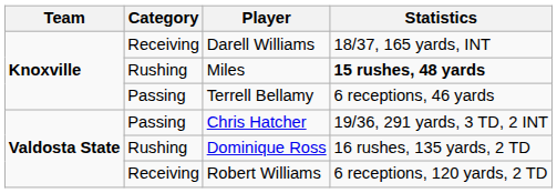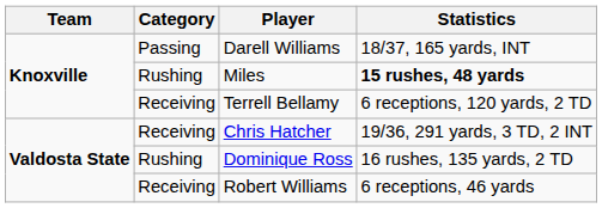 <table class="wikitable" style="float: left;">
 <tr>
 <th>Team</th>
 <th>Category</th>
 <th>Player</th>
 <th>Statistics</th>
 </tr>
 <tr>
 <td rowspan=3><strong>Knoxville</strong></td>
-<td>Receiving</td>
+<td>Passing</td>
 <td>Darell Williams</td>
 <td>18/37, 165 yards, INT</td>
 </tr>
 <tr>
 <td>Rushing</td>
 <td>Miles</td>
 <td><strong>15 rushes, 48 yards</strong></td>
 </tr>
 <tr>
-<td>Passing</td>
+<td>Receiving</td>
 <td>Terrell Bellamy</td>
-<td>6 receptions, 46 yards</td>
+<td>6 receptions, 120 yards, 2 TD</td>
 </tr>
 <tr>
 <td rowspan=3><strong>Valdosta State</strong></td>
-<td>Passing</td>
+<td>Receiving</td>
 <td><a href='#'>Chris Hatcher</a></td>
 <td>19/36, 291 yards, 3 TD, 2 INT</td>
 </tr>
 <tr>
 <td>Rushing</td>
 <td><a href='#'>Dominique Ross</a></td>
 <td>16 rushes, 135 yards, 2 TD</td>
 </tr>
 <tr>
 <td>Receiving</td>
 <td>Robert Williams</td>
-<td>6 receptions, 120 yards, 2 TD</td>
+<td>6 receptions, 46 yards</td>
 </tr>
 </table>
